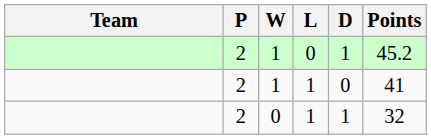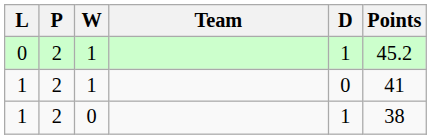 <table class="wikitable">
 <tr>
-<th width=165>Team</th>
+<th width=20>L</th>
 <th width=20>P</th>
 <th width=20>W</th>
-<th width=20>L</th>
+<th width=165>Team</th>
 <th width=20>D</th>
 <th width=20>Points</th>
 </tr>
 <tr align=center bgcolor=ccffcc>
-<td style="text-align:left;"></td>
+<td>0</td>
 <td>2</td>
 <td>1</td>
-<td>0</td>
+<td style="text-align:left;"></td>
 <td>1</td>
 <td>45.2</td>
 </tr>
 <tr align=center>
-<td style="text-align:left;"></td>
+<td>1</td>
 <td>2</td>
 <td>1</td>
-<td>1</td>
+<td style="text-align:left;"></td>
 <td>0</td>
 <td>41</td>
 </tr>
 <tr align=center>
-<td style="text-align:left;"></td>
+<td>1</td>
 <td>2</td>
 <td>0</td>
+<td style="text-align:left;"></td>
 <td>1</td>
-<td>1</td>
-<td>32</td>
+<td>38</td>
 </tr>
 </table>
